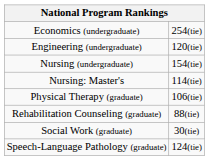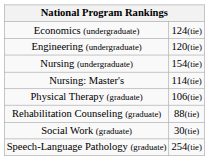 <table class="wikitable collapsible collapsed" style="float:right; text-align:center;">
 <tr>
 <th colspan=4>National Program Rankings</th>
 </tr>
 <tr>
 <td>Economics <small>(undergraduate)</small></td>
-<td>254<small>(tie)</small></td>
+<td>124<small>(tie)</small></td>
 </tr>
 <tr>
 <td>Engineering <small>(undergraduate)</small></td>
 <td>120<small>(tie)</small></td>
 </tr>
 <tr>
 <td>Nursing <small>(undergraduate)</small></td>
 <td>154<small>(tie)</small></td>
 </tr>
 <tr>
 <td>Nursing: Master's</td>
 <td>114<small>(tie)</small></td>
 </tr>
 <tr>
 <td>Physical Therapy <small>(graduate)</small></td>
 <td>106<small>(tie)</small></td>
 </tr>
 <tr>
 <td>Rehabilitation Counseling <small>(graduate)</small></td>
 <td>88<small>(tie)</small></td>
 </tr>
 <tr>
 <td>Social Work <small>(graduate)</small></td>
 <td>30<small>(tie)</small></td>
 </tr>
 <tr>
 <td>Speech-Language Pathology <small>(graduate)</small></td>
-<td>124<small>(tie)</small></td>
+<td>254<small>(tie)</small></td>
 </tr>
 </table>
